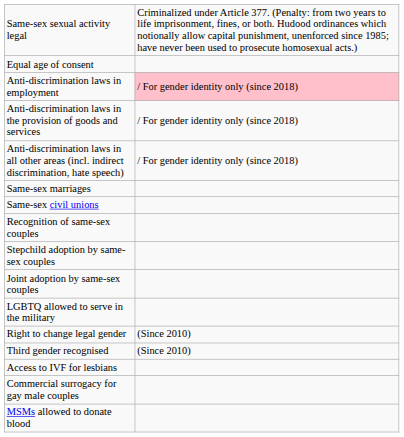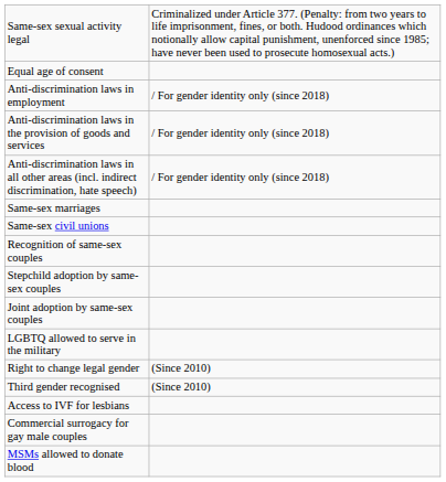 <table class="wikitable">
 <tr>
 <td>Same-sex sexual activity legal</td>
 <td> Criminalized under Article 377. (Penalty: from two years to life imprisonment, fines, or both. Hudood ordinances which notionally allow capital punishment, unenforced since 1985; have never been used to prosecute homosexual acts.)</td>
 </tr>
 <tr>
 <td>Equal age of consent</td>
 <td></td>
 </tr>
 <tr>
 <td>Anti-discrimination laws in employment</td>
-<td style="background: pink;">/ For gender identity only (since 2018)</td>
+<td>/ For gender identity only (since 2018)</td>
 </tr>
 <tr>
 <td>Anti-discrimination laws in the provision of goods and services</td>
 <td>/ For gender identity only (since 2018)</td>
 </tr>
 <tr>
 <td>Anti-discrimination laws in all other areas (incl. indirect discrimination, hate speech)</td>
 <td>/ For gender identity only (since 2018)</td>
 </tr>
 <tr>
 <td>Same-sex marriages</td>
 <td></td>
 </tr>
 <tr>
 <td>Same-sex <a href='#'>civil unions</a></td>
 <td></td>
 </tr>
 <tr>
 <td>Recognition of same-sex couples</td>
 <td></td>
 </tr>
 <tr>
 <td>Stepchild adoption by same-sex couples</td>
 <td></td>
 </tr>
 <tr>
 <td>Joint adoption by same-sex couples</td>
 <td></td>
 </tr>
 <tr>
 <td>LGBTQ allowed to serve in the military</td>
 <td></td>
 </tr>
 <tr>
 <td>Right to change legal gender</td>
 <td> (Since 2010)</td>
 </tr>
 <tr>
 <td>Third gender recognised</td>
 <td> (Since 2010)</td>
 </tr>
 <tr>
 <td>Access to IVF for lesbians</td>
 <td></td>
 </tr>
 <tr>
 <td>Commercial surrogacy for gay male couples</td>
 <td></td>
 </tr>
 <tr>
 <td><a href='#'>MSMs</a> allowed to donate blood</td>
 <td></td>
 </tr>
 </table>
